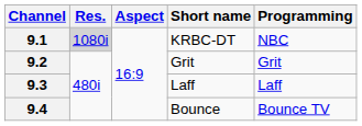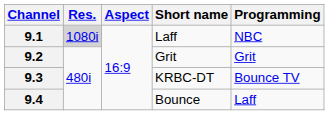 <table class="wikitable">
 <tr>
 <th scope="col"><a href='#'>Channel</a></th>
 <th scope="col"><a href='#'>Res.</a></th>
 <th scope="col"><a href='#'>Aspect</a></th>
 <th scope="col">Short name</th>
 <th scope="col">Programming</th>
 </tr>
 <tr>
 <th scope="row">9.1</th>
 <td style="background: lightgrey;"><a href='#'>1080i</a></td>
 <td rowspan=4><a href='#'>16:9</a></td>
-<td>KRBC-DT</td>
+<td>Laff</td>
 <td><a href='#'>NBC</a></td>
 </tr>
 <tr>
 <th scope="row">9.2</th>
 <td rowspan=3><a href='#'>480i</a></td>
 <td>Grit</td>
 <td><a href='#'>Grit</a></td>
 </tr>
 <tr>
 <th scope="row">9.3</th>
-<td>Laff</td>
-<td><a href='#'>Laff</a></td>
+<td>KRBC-DT</td>
+<td><a href='#'>Bounce TV</a></td>
 </tr>
 <tr>
 <th scope="row">9.4</th>
 <td>Bounce</td>
-<td><a href='#'>Bounce TV</a></td>
+<td><a href='#'>Laff</a></td>
 </tr>
 </table>
